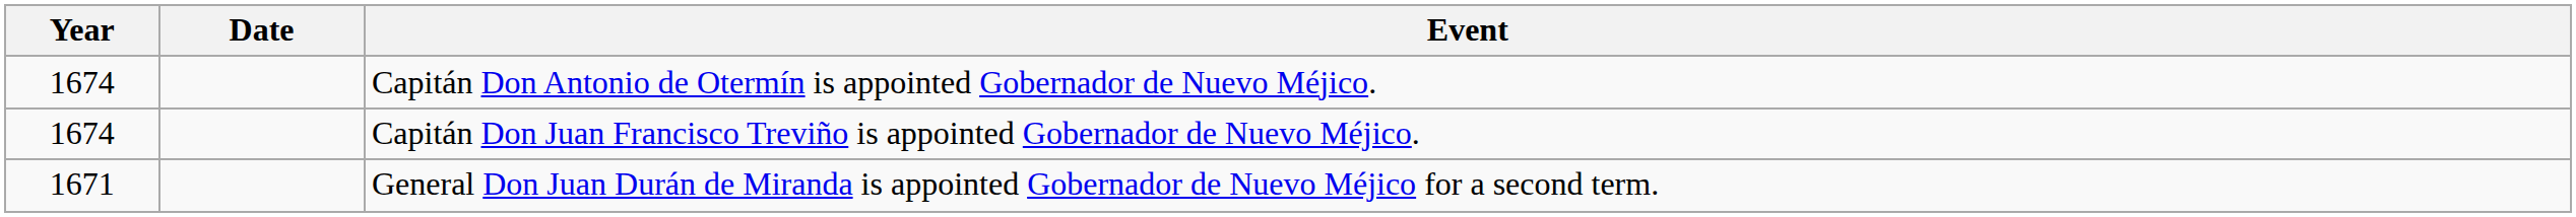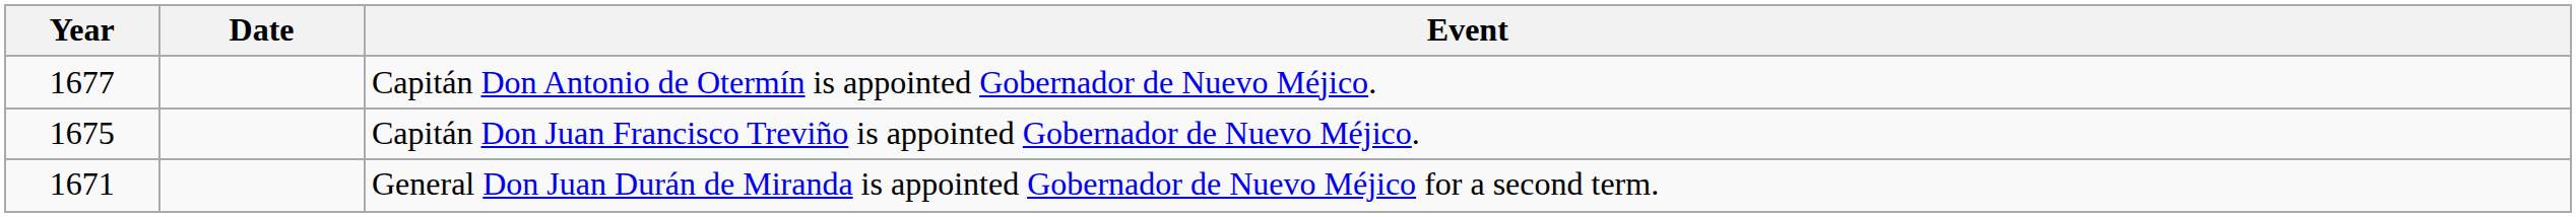 <table class="wikitable" style="width:100%;">
 <tr>
 <th style="width:6%">Year</th>
 <th style="width:8%">Date</th>
 <th style="width:86%">Event</th>
 </tr>
 <tr>
-<td align=center>1674</td>
+<td align=center>1677</td>
 <td align=center> </td>
 <td>Capitán <a href='#'>Don Antonio de Otermín</a> is appointed <a href='#'>Gobernador de Nuevo Méjico</a>.</td>
 </tr>
 <tr>
-<td align=center>1674</td>
+<td align=center>1675</td>
 <td align=center> </td>
 <td>Capitán <a href='#'>Don Juan Francisco Treviño</a> is appointed <a href='#'>Gobernador de Nuevo Méjico</a>.</td>
 </tr>
 <tr>
 <td align=center>1671</td>
 <td align=center> </td>
 <td>General <a href='#'>Don Juan Durán de Miranda</a> is appointed <a href='#'>Gobernador de Nuevo Méjico</a> for a second term.</td>
 </tr>
 </table>
